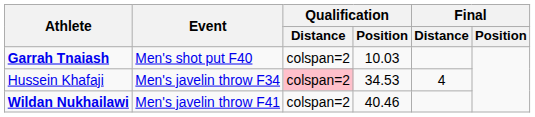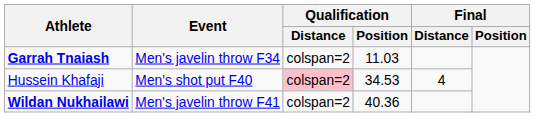 <table class=wikitable style="font-size:90%">
 <tr>
 <th rowspan="2">Athlete</th>
 <th rowspan="2">Event</th>
 <th colspan="2">Qualification</th>
 <th colspan="2">Final</th>
 </tr>
 <tr style="font-size:95%">
 <th>Distance</th>
 <th>Position</th>
 <th>Distance</th>
 <th>Position</th>
 </tr>
 <tr align=center>
 <td align=left><strong><a href='#'>Garrah Tnaiash</a></strong></td>
-<td align=left><a href='#'>Men's shot put F40</a></td>
+<td align=left><a href='#'>Men's javelin throw F34</a></td>
 <td>colspan=2 </td>
-<td align=center>10.03</td>
+<td align=center>11.03</td>
 <td align=center></td>
 </tr>
 <tr align=center>
 <td align=left><a href='#'>Hussein Khafaji</a></td>
-<td align=left><a href='#'>Men's javelin throw F34</a></td>
+<td align=left><a href='#'>Men's shot put F40</a></td>
 <td style="background: pink;">colspan=2 </td>
 <td align=center>34.53</td>
 <td align=center>4</td>
 </tr>
 <tr align=center>
 <td align=left><strong><a href='#'>Wildan Nukhailawi</a></strong></td>
 <td align=left><a href='#'>Men's javelin throw F41</a></td>
 <td>colspan=2 </td>
-<td align=center>40.46</td>
+<td align=center>40.36</td>
 <td align=center></td>
 </tr>
 </table>
